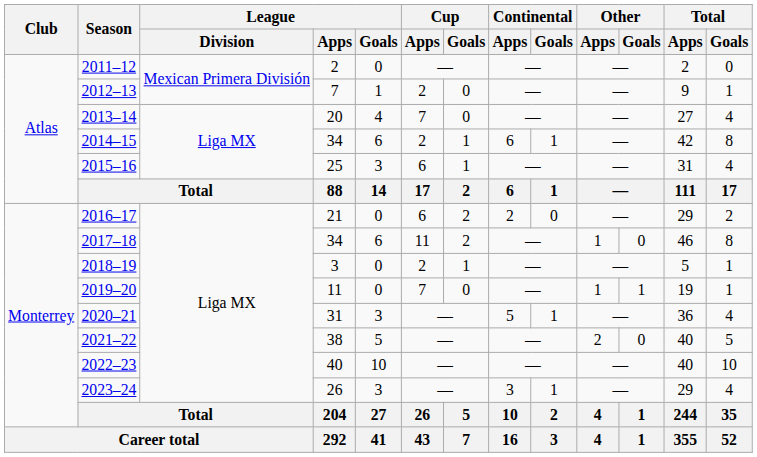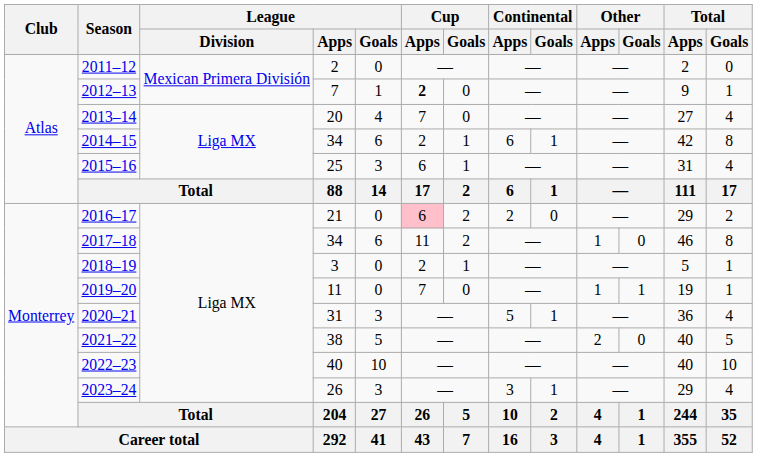 <table class="wikitable" style="text-align:center">
 <tr>
 <th rowspan="2">Club</th>
 <th rowspan="2">Season</th>
 <th colspan="3">League</th>
 <th colspan="2">Cup</th>
 <th colspan="2">Continental</th>
 <th colspan="2">Other</th>
 <th colspan="2">Total</th>
 </tr>
 <tr>
 <th>Division</th>
 <th>Apps</th>
 <th>Goals</th>
 <th>Apps</th>
 <th>Goals</th>
 <th>Apps</th>
 <th>Goals</th>
 <th>Apps</th>
 <th>Goals</th>
 <th>Apps</th>
 <th>Goals</th>
 </tr>
 <tr>
 <td rowspan="6"><a href='#'>Atlas</a></td>
 <td><a href='#'>2011–12</a></td>
 <td rowspan="2"><a href='#'>Mexican Primera División</a></td>
 <td>2</td>
 <td>0</td>
 <td colspan="2">—</td>
 <td colspan="2">—</td>
 <td colspan=2>—</td>
 <td>2</td>
 <td>0</td>
 </tr>
 <tr>
 <td><a href='#'>2012–13</a></td>
 <td>7</td>
 <td>1</td>
-<td>2</td>
+<td><strong>2</strong></td>
 <td>0</td>
 <td colspan="2">—</td>
 <td colspan=2>—</td>
 <td>9</td>
 <td>1</td>
 </tr>
 <tr>
 <td><a href='#'>2013–14</a></td>
 <td rowspan="3"><a href='#'>Liga MX</a></td>
 <td>20</td>
 <td>4</td>
 <td>7</td>
 <td>0</td>
 <td colspan="2">—</td>
 <td colspan=2>—</td>
 <td>27</td>
 <td>4</td>
 </tr>
 <tr>
 <td><a href='#'>2014–15</a></td>
 <td>34</td>
 <td>6</td>
 <td>2</td>
 <td>1</td>
 <td>6</td>
 <td>1</td>
 <td colspan=2>—</td>
 <td>42</td>
 <td>8</td>
 </tr>
 <tr>
 <td><a href='#'>2015–16</a></td>
 <td>25</td>
 <td>3</td>
 <td>6</td>
 <td>1</td>
 <td colspan="2">—</td>
 <td colspan=2>—</td>
 <td>31</td>
 <td>4</td>
 </tr>
 <tr>
 <th colspan="2">Total</th>
 <th>88</th>
 <th>14</th>
 <th>17</th>
 <th>2</th>
 <th>6</th>
 <th>1</th>
 <th colspan=2>—</th>
 <th>111</th>
 <th>17</th>
 </tr>
 <tr>
 <td rowspan="9"><a href='#'>Monterrey</a></td>
 <td><a href='#'>2016–17</a></td>
 <td rowspan="8">Liga MX</td>
 <td>21</td>
 <td>0</td>
-<td>6</td>
+<td style="background: pink;">6</td>
 <td>2</td>
 <td>2</td>
 <td>0</td>
 <td colspan=2>—</td>
 <td>29</td>
 <td>2</td>
 </tr>
 <tr>
 <td><a href='#'>2017–18</a></td>
 <td>34</td>
 <td>6</td>
 <td>11</td>
 <td>2</td>
 <td colspan=2>—</td>
 <td>1</td>
 <td>0</td>
 <td>46</td>
 <td>8</td>
 </tr>
 <tr>
 <td><a href='#'>2018–19</a></td>
 <td>3</td>
 <td>0</td>
 <td>2</td>
 <td>1</td>
 <td colspan=2>—</td>
 <td colspan=2>—</td>
 <td>5</td>
 <td>1</td>
 </tr>
 <tr>
 <td><a href='#'>2019–20</a></td>
 <td>11</td>
 <td>0</td>
 <td>7</td>
 <td>0</td>
 <td colspan=2>—</td>
 <td>1</td>
 <td>1</td>
 <td>19</td>
 <td>1</td>
 </tr>
 <tr>
 <td><a href='#'>2020–21</a></td>
 <td>31</td>
 <td>3</td>
 <td colspan=2>—</td>
 <td>5</td>
 <td>1</td>
 <td colspan="2">—</td>
 <td>36</td>
 <td>4</td>
 </tr>
 <tr>
 <td><a href='#'>2021–22</a></td>
 <td>38</td>
 <td>5</td>
 <td colspan=2>—</td>
 <td colspan="2">—</td>
 <td>2</td>
 <td>0</td>
 <td>40</td>
 <td>5</td>
 </tr>
 <tr>
 <td><a href='#'>2022–23</a></td>
 <td>40</td>
 <td>10</td>
 <td colspan=2>—</td>
 <td colspan=2>—</td>
 <td colspan=2>—</td>
 <td>40</td>
 <td>10</td>
 </tr>
 <tr>
 <td><a href='#'>2023–24</a></td>
 <td>26</td>
 <td>3</td>
 <td colspan=2>—</td>
 <td>3</td>
 <td>1</td>
 <td colspan=2>—</td>
 <td>29</td>
 <td>4</td>
 </tr>
 <tr>
 <th colspan="2">Total</th>
 <th>204</th>
 <th>27</th>
 <th>26</th>
 <th>5</th>
 <th>10</th>
 <th>2</th>
 <th>4</th>
 <th>1</th>
 <th>244</th>
 <th>35</th>
 </tr>
 <tr>
 <th colspan="3">Career total</th>
 <th>292</th>
 <th>41</th>
 <th>43</th>
 <th>7</th>
 <th>16</th>
 <th>3</th>
 <th>4</th>
 <th>1</th>
 <th>355</th>
 <th>52</th>
 </tr>
 </table>
